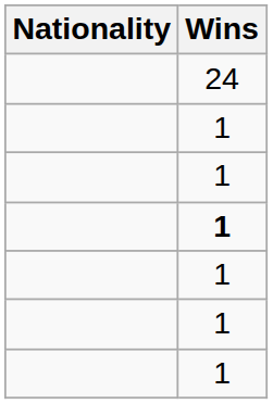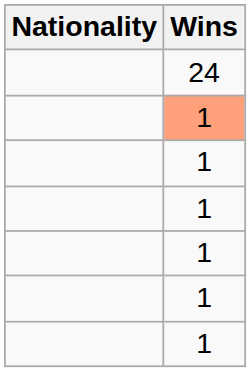 <table class="wikitable sortable">
 <tr>
 <th>Nationality</th>
 <th>Wins</th>
 </tr>
 <tr>
 <td></td>
 <td align="center">24</td>
 </tr>
 <tr>
 <td></td>
-<td align="center">1</td>
+<td align="center" style="background: lightsalmon;">1</td>
 </tr>
 <tr>
 <td></td>
 <td align="center">1</td>
 </tr>
 <tr>
 <td></td>
-<td align="center"><strong>1</strong></td>
+<td align="center">1</td>
 </tr>
 <tr>
 <td></td>
 <td align="center">1</td>
 </tr>
 <tr>
 <td></td>
 <td align="center">1</td>
 </tr>
 <tr>
 <td></td>
 <td align="center">1</td>
 </tr>
 </table>
